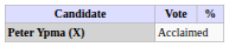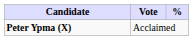 <table class="wikitable">
 <tr>
 <th style="background:#ddf; width:200px;">Candidate</th>
 <th style="background:#ddf; width:50px;">Vote</th>
 <th style="background:#ddf; width:30px;">%</th>
 </tr>
 <tr>
-<td style="background: lightgrey;"><strong>Peter Ypma (X)</strong></td>
+<td><strong>Peter Ypma (X)</strong></td>
 <td colspan="2">Acclaimed</td>
 </tr>
 </table>
